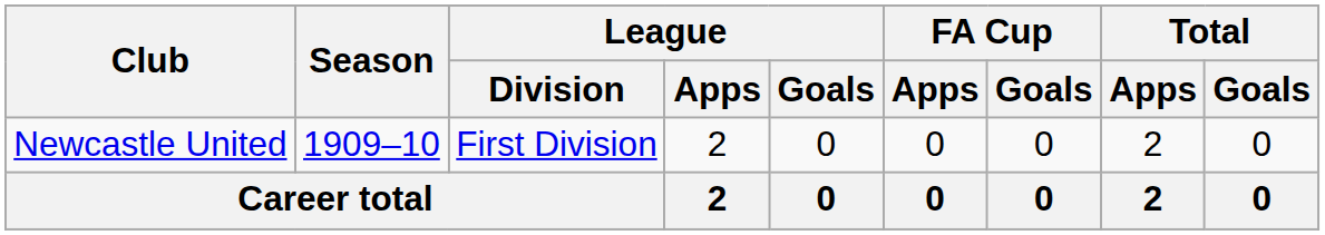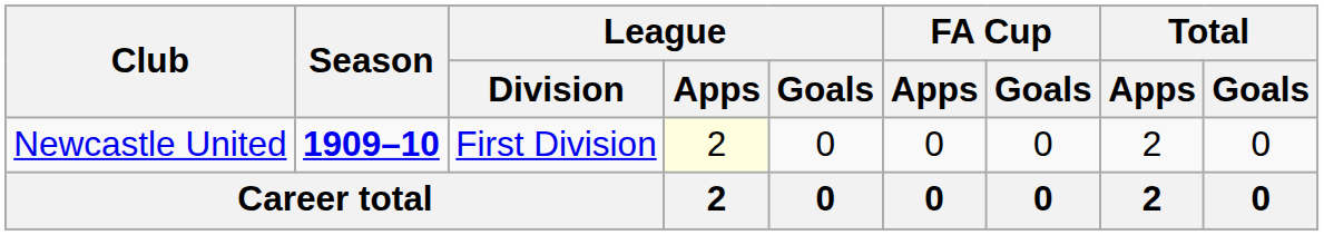 <table class="wikitable" style="text-align: center">
 <tr>
 <th rowspan="2">Club</th>
 <th rowspan="2">Season</th>
 <th colspan="3">League</th>
 <th colspan="2">FA Cup</th>
 <th colspan="2">Total</th>
 </tr>
 <tr>
 <th>Division</th>
 <th>Apps</th>
 <th>Goals</th>
 <th>Apps</th>
 <th>Goals</th>
 <th>Apps</th>
 <th>Goals</th>
 </tr>
 <tr>
 <td><a href='#'>Newcastle United</a></td>
-<td><a href='#'>1909–10</a></td>
+<td><strong><a href='#'>1909–10</a></strong></td>
 <td><a href='#'>First Division</a></td>
-<td>2</td>
+<td style="background: lightyellow;">2</td>
 <td>0</td>
 <td>0</td>
 <td>0</td>
 <td>2</td>
 <td>0</td>
 </tr>
 <tr>
 <th colspan="3">Career total</th>
 <th>2</th>
 <th>0</th>
 <th>0</th>
 <th>0</th>
 <th>2</th>
 <th>0</th>
 </tr>
 </table>
